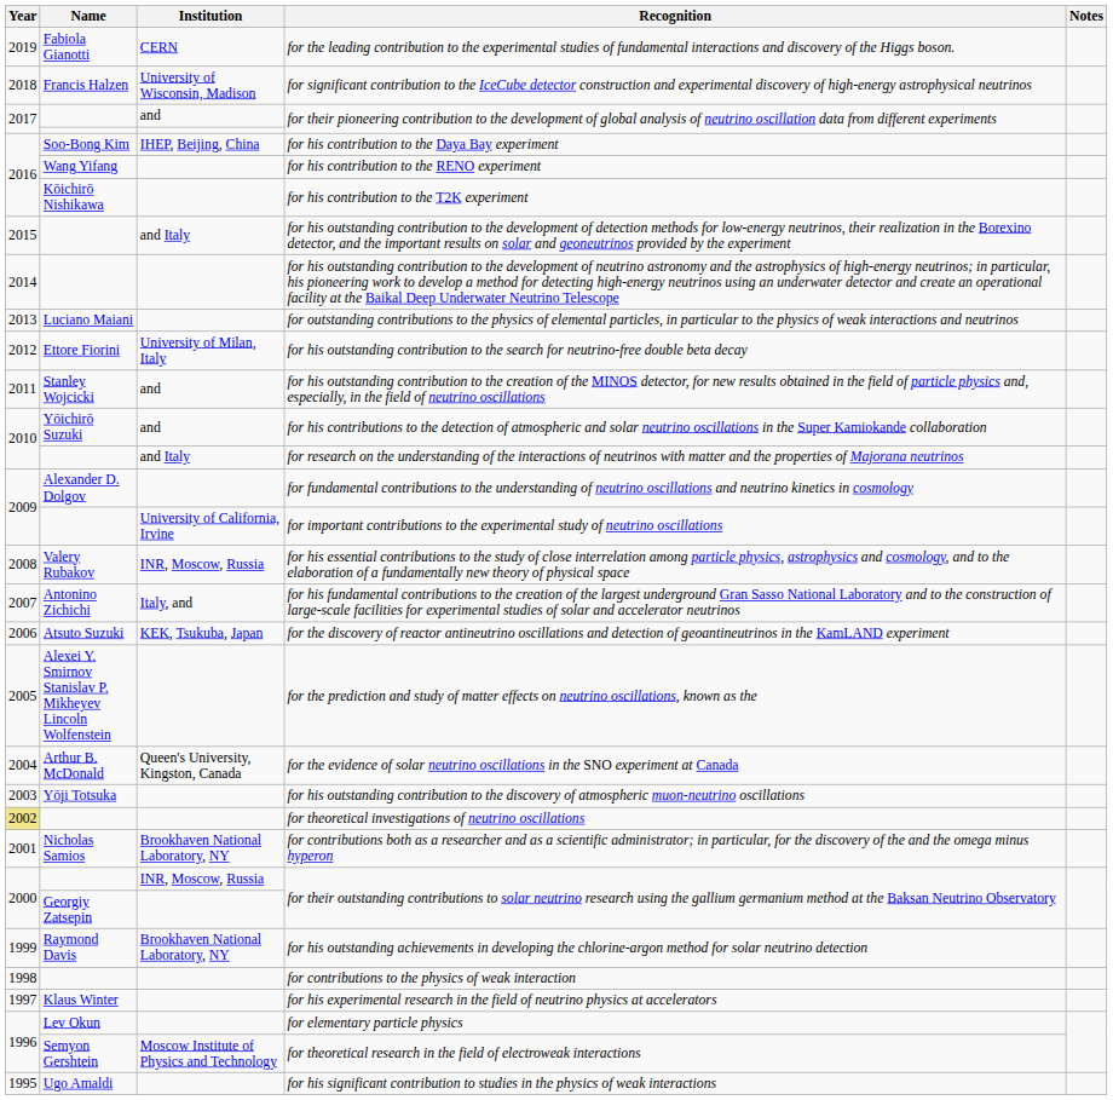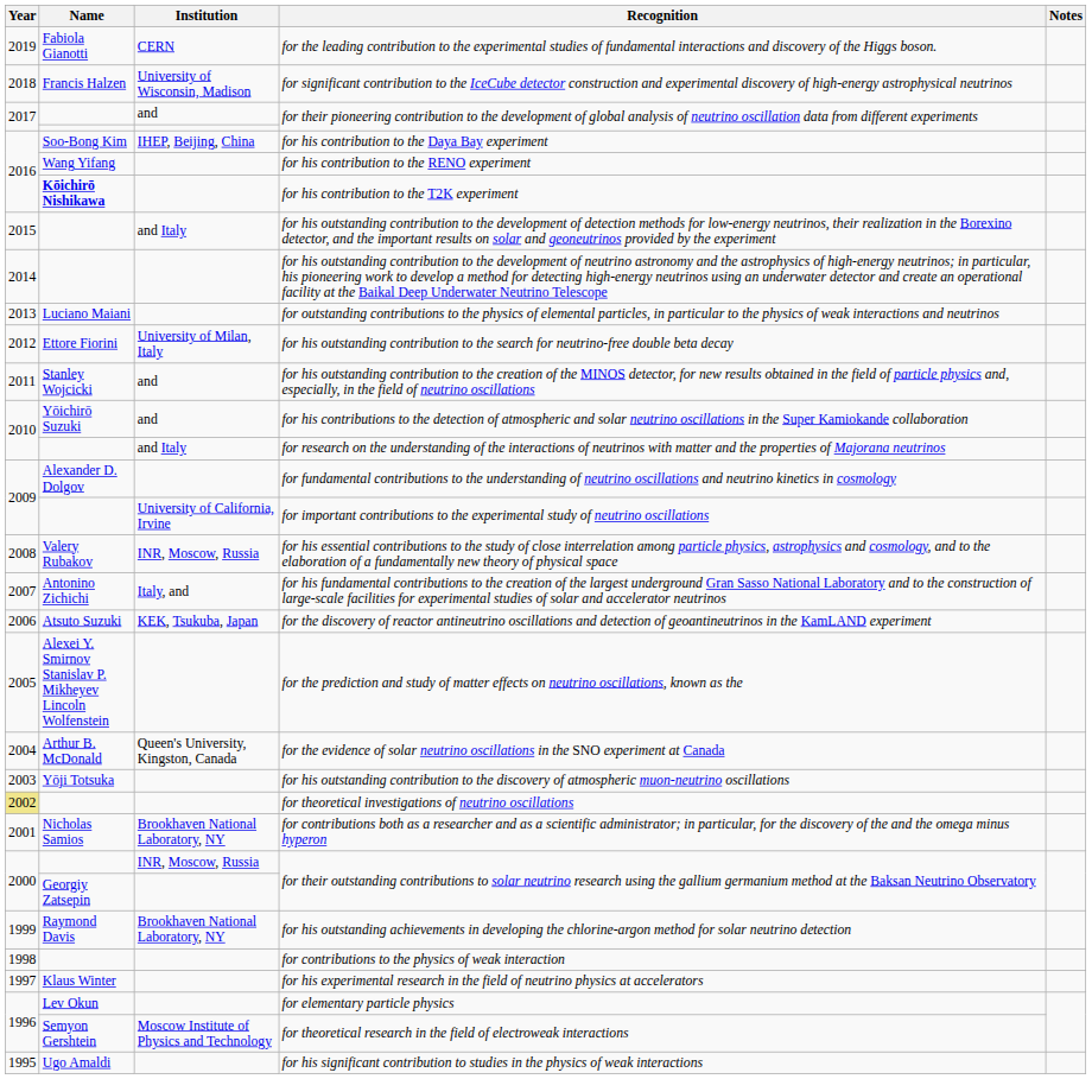 <table class="wikitable">
 <tr>
 <th>Year</th>
 <th>Name</th>
 <th>Institution</th>
 <th>Recognition</th>
 <th>Notes</th>
 </tr>
 <tr>
 <td>2019</td>
 <td><a href='#'>Fabiola Gianotti</a></td>
 <td><a href='#'>CERN</a></td>
 <td><em>for the leading contribution to the experimental studies of fundamental interactions and discovery of the Higgs boson.</em></td>
 <td></td>
 </tr>
 <tr>
 <td>2018</td>
 <td><a href='#'>Francis Halzen</a></td>
 <td><a href='#'>University of Wisconsin, Madison</a></td>
 <td><em>for significant contribution to the <a href='#'>IceCube detector</a> construction and experimental discovery of high-energy astrophysical neutrinos</em></td>
 <td></td>
 </tr>
 <tr>
 <td rowspan="2">2017</td>
 <td></td>
 <td> and </td>
 <td rowspan="2"><em>for their pioneering contribution to the development of global analysis of <a href='#'>neutrino oscillation</a> data from different experiments</em></td>
 <td rowspan="2"></td>
 </tr>
 <tr>
 <td></td>
 <td></td>
 </tr>
 <tr>
 <td rowspan="3">2016</td>
 <td><a href='#'>Soo-Bong Kim</a></td>
 <td><a href='#'>IHEP</a>, <a href='#'>Beijing</a>, <a href='#'>China</a></td>
 <td><em>for his contribution to the</em> <a href='#'>Daya Bay</a> <em>experiment</em></td>
 <td><br></td>
 </tr>
 <tr>
 <td><a href='#'>Wang Yifang</a></td>
 <td> </td>
 <td><em>for his contribution to the</em> <a href='#'>RENO</a> <em>experiment</em></td>
 <td><br> </td>
 </tr>
 <tr>
-<td><a href='#'>Kōichirō Nishikawa</a></td>
+<td><strong><a href='#'>Kōichirō Nishikawa</a></strong></td>
 <td></td>
 <td><em>for his contribution to the</em> <a href='#'>T2K</a> <em>experiment</em></td>
 <td></td>
 </tr>
 <tr>
 <td>2015</td>
 <td></td>
 <td> and  <a href='#'>Italy</a></td>
 <td><em>for his outstanding contribution to the development of detection methods for low-energy neutrinos, their realization in the</em> <a href='#'>Borexino</a> <em>detector, and the important results on <a href='#'>solar</a> and <a href='#'>geoneutrinos</a> provided by the experiment</em></td>
 <td><br></td>
 </tr>
 <tr>
 <td>2014</td>
 <td></td>
 <td></td>
 <td><em>for his outstanding contribution to the development of neutrino astronomy and the astrophysics of high-energy neutrinos; in particular, his pioneering work to develop a method for detecting high-energy neutrinos using an underwater detector and create an operational facility at the</em> <a href='#'>Baikal Deep Underwater Neutrino Telescope</a></td>
 <td><br></td>
 </tr>
 <tr>
 <td>2013</td>
 <td><a href='#'>Luciano Maiani</a></td>
 <td></td>
 <td><em>for outstanding contributions to the physics of elemental particles, in particular to the physics of weak interactions and neutrinos</em></td>
 <td><br></td>
 </tr>
 <tr>
 <td>2012</td>
 <td><a href='#'>Ettore Fiorini</a></td>
 <td><a href='#'>University of Milan</a>, <a href='#'>Italy</a></td>
 <td><em>for his outstanding contribution to the search for neutrino-free double beta decay</em></td>
 <td><br></td>
 </tr>
 <tr>
 <td>2011</td>
 <td><a href='#'>Stanley Wojcicki</a></td>
 <td> and </td>
 <td><em>for his outstanding contribution to the creation of the</em> <a href='#'>MINOS</a> <em>detector, for new results obtained in the field of <a href='#'>particle physics</a> and, especially, in the field of <a href='#'>neutrino oscillations</a></em></td>
 <td></td>
 </tr>
 <tr>
 <td rowspan=2>2010</td>
 <td><a href='#'>Yōichirō Suzuki</a></td>
 <td> and </td>
 <td><em>for his contributions to the detection of atmospheric and solar <a href='#'>neutrino oscillations</a> in the</em> <a href='#'>Super Kamiokande</a> <em>collaboration</em></td>
 <td></td>
 </tr>
 <tr>
 <td></td>
 <td> and  <a href='#'>Italy</a></td>
 <td><em>for research on the understanding of the interactions of neutrinos with matter and the properties of <a href='#'>Majorana neutrinos</a></em></td>
 <td><br></td>
 </tr>
 <tr>
 <td rowspan="2">2009</td>
 <td><a href='#'>Alexander D. Dolgov</a></td>
 <td></td>
 <td><em>for fundamental contributions to the understanding of <a href='#'>neutrino oscillations</a> and neutrino kinetics in <a href='#'>cosmology</a></em></td>
 <td><br></td>
 </tr>
 <tr>
 <td></td>
 <td><a href='#'>University of California, Irvine</a></td>
 <td><em>for important contributions to the experimental study of <a href='#'>neutrino oscillations</a></em></td>
 <td><br></td>
 </tr>
 <tr>
 <td>2008</td>
 <td><a href='#'>Valery Rubakov</a></td>
 <td><a href='#'>INR</a>, <a href='#'>Moscow</a>, <a href='#'>Russia</a></td>
 <td><em>for his essential contributions to the study of close interrelation among <a href='#'>particle physics</a>, <a href='#'>astrophysics</a> and <a href='#'>cosmology</a>, and to the elaboration of a fundamentally new theory of physical space</em></td>
 <td><br></td>
 </tr>
 <tr>
 <td>2007</td>
 <td><a href='#'>Antonino Zichichi</a></td>
 <td> <a href='#'>Italy</a>, and </td>
 <td><em>for his fundamental contributions to the creation of the largest underground</em> <a href='#'>Gran Sasso National Laboratory</a> <em>and to the construction of large-scale facilities for experimental studies of solar and accelerator neutrinos</em></td>
 <td><br></td>
 </tr>
 <tr>
 <td>2006</td>
 <td><a href='#'>Atsuto Suzuki</a></td>
 <td><a href='#'>KEK</a>, <a href='#'>Tsukuba</a>, <a href='#'>Japan</a></td>
 <td><em>for the discovery of reactor antineutrino oscillations and detection of geoantineutrinos in the</em> <a href='#'>KamLAND</a> <em>experiment</em></td>
 <td><br></td>
 </tr>
 <tr>
 <td>2005</td>
 <td><a href='#'>Alexei Y. Smirnov</a><br><a href='#'>Stanislav P. Mikheyev</a><br><a href='#'>Lincoln Wolfenstein</a></td>
 <td><br><br></td>
 <td><em>for the prediction and study of matter effects on <a href='#'>neutrino oscillations</a>, known as the</em> </td>
 <td><br></td>
 </tr>
 <tr>
 <td>2004</td>
 <td><a href='#'>Arthur B. McDonald</a></td>
 <td>Queen's University, Kingston, Canada</td>
 <td><em>for the evidence of solar <a href='#'>neutrino oscillations</a> in the</em> SNO <em>experiment at</em>  <a href='#'>Canada</a></td>
 <td><br></td>
 </tr>
 <tr>
 <td>2003</td>
 <td><a href='#'>Yōji Totsuka</a></td>
 <td></td>
 <td><em>for his outstanding contribution to the discovery of atmospheric <a href='#'>muon-neutrino</a> oscillations</em></td>
 <td><br></td>
 </tr>
 <tr>
 <td style="background: khaki;">2002</td>
 <td></td>
 <td></td>
 <td><em>for theoretical investigations of <a href='#'>neutrino oscillations</a></em></td>
 <td><br></td>
 </tr>
 <tr>
 <td>2001</td>
 <td><a href='#'>Nicholas Samios</a></td>
 <td><a href='#'>Brookhaven National Laboratory</a>, <a href='#'>NY</a></td>
 <td><em>for contributions both as a researcher and as a scientific administrator; in particular, for the discovery of the  and the omega minus <a href='#'>hyperon</a></em></td>
 <td><br></td>
 </tr>
 <tr>
 <td rowspan="2">2000</td>
 <td></td>
 <td><a href='#'>INR</a>, <a href='#'>Moscow</a>, <a href='#'>Russia</a></td>
 <td rowspan="2"><em>for their outstanding contributions to <a href='#'>solar neutrino</a> research using the gallium germanium method at the</em> <a href='#'>Baksan Neutrino Observatory</a></td>
 <td rowspan="2"><br></td>
 </tr>
 <tr>
 <td><a href='#'>Georgiy Zatsepin</a></td>
 <td></td>
 </tr>
 <tr>
 <td>1999</td>
 <td><a href='#'>Raymond Davis</a></td>
 <td><a href='#'>Brookhaven National Laboratory</a>, <a href='#'>NY</a></td>
 <td><em>for his outstanding achievements in developing the chlorine-argon method for solar neutrino detection</em></td>
 <td><br></td>
 </tr>
 <tr>
 <td>1998</td>
 <td></td>
 <td></td>
 <td><em>for contributions to the physics of weak interaction</em></td>
 <td><br></td>
 </tr>
 <tr>
 <td>1997</td>
 <td><a href='#'>Klaus Winter</a></td>
 <td></td>
 <td><em>for his experimental research in the field of neutrino physics at accelerators</em></td>
 <td></td>
 </tr>
 <tr>
 <td rowspan="2">1996</td>
 <td><a href='#'>Lev Okun</a></td>
 <td></td>
 <td><em>for elementary particle physics</em></td>
 <td rowspan="2"></td>
 </tr>
 <tr>
 <td><a href='#'>Semyon Gershtein</a></td>
 <td><a href='#'>Moscow Institute of Physics and Technology</a></td>
 <td><em>for theoretical research in the field of electroweak interactions</em></td>
 </tr>
 <tr>
 <td>1995</td>
 <td><a href='#'>Ugo Amaldi</a></td>
 <td></td>
 <td><em>for his significant contribution to studies in the physics of weak interactions</em></td>
 <td></td>
 </tr>
 </table>
